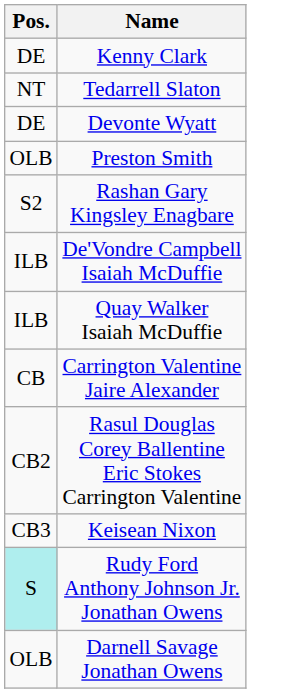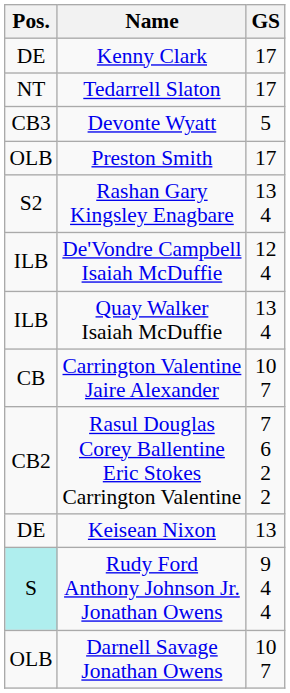 <table class="wikitable" style="text-align:center">
 <tr>
 <th>Pos.</th>
 <th>Name</th>
+<th>GS</th>
 </tr>
 <tr>
 <td>DE</td>
 <td><a href='#'>Kenny Clark</a></td>
+<td>17</td>
 </tr>
 <tr>
 <td>NT</td>
 <td><a href='#'>Tedarrell Slaton</a></td>
+<td>17</td>
 </tr>
 <tr>
-<td>DE</td>
+<td>CB3</td>
 <td><a href='#'>Devonte Wyatt</a></td>
+<td>5</td>
 </tr>
 <tr>
 <td>OLB</td>
 <td><a href='#'>Preston Smith</a></td>
+<td>17</td>
 </tr>
 <tr>
 <td>S2</td>
 <td><a href='#'>Rashan Gary</a><br><a href='#'>Kingsley Enagbare</a></td>
+<td>13<br>4</td>
 </tr>
 <tr>
 <td>ILB</td>
 <td><a href='#'>De'Vondre Campbell</a><br><a href='#'>Isaiah McDuffie</a></td>
+<td>12<br>4</td>
 </tr>
 <tr>
 <td>ILB</td>
 <td><a href='#'>Quay Walker</a><br>Isaiah McDuffie</td>
+<td>13<br>4</td>
 </tr>
 <tr>
 <td>CB</td>
 <td><a href='#'>Carrington Valentine</a><br><a href='#'>Jaire Alexander</a></td>
+<td>10<br>7</td>
 </tr>
 <tr>
 <td>CB2</td>
 <td><a href='#'>Rasul Douglas</a><br><a href='#'>Corey Ballentine</a><br><a href='#'>Eric Stokes</a><br>Carrington Valentine</td>
+<td>7<br>6<br>2<br>2</td>
 </tr>
 <tr>
-<td>CB3</td>
+<td>DE</td>
 <td><a href='#'>Keisean Nixon</a></td>
+<td>13</td>
 </tr>
 <tr>
 <td style="background: paleturquoise;">S</td>
 <td><a href='#'>Rudy Ford</a><br><a href='#'>Anthony Johnson Jr.</a><br><a href='#'>Jonathan Owens</a></td>
+<td>9<br>4<br>4</td>
 </tr>
 <tr>
 <td>OLB</td>
 <td><a href='#'>Darnell Savage</a><br><a href='#'>Jonathan Owens</a></td>
+<td>10<br>7</td>
 </tr>
 </table>
